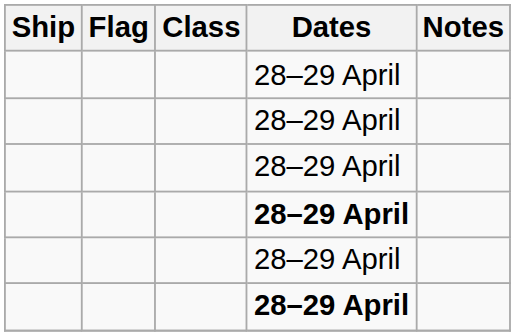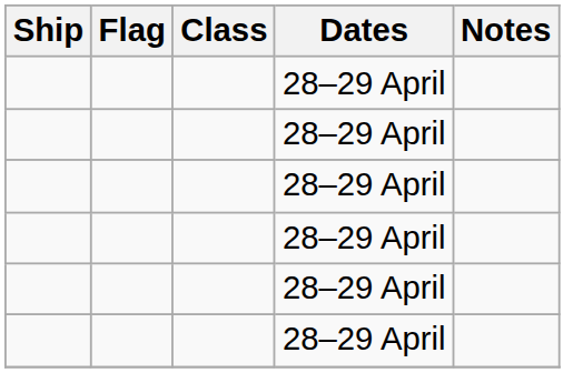 <table class="wikitable sortable">
 <tr>
 <th>Ship</th>
 <th>Flag</th>
 <th>Class</th>
 <th>Dates</th>
 <th>Notes</th>
 </tr>
 <tr>
 <td></td>
 <td></td>
 <td></td>
 <td>28–29 April</td>
 <td></td>
 </tr>
 <tr>
 <td></td>
 <td></td>
 <td></td>
 <td>28–29 April</td>
 <td></td>
 </tr>
 <tr>
 <td></td>
 <td></td>
 <td></td>
 <td>28–29 April</td>
 <td></td>
 </tr>
 <tr>
 <td></td>
 <td></td>
 <td></td>
-<td><strong>28–29 April</strong></td>
+<td>28–29 April</td>
 <td></td>
 </tr>
 <tr>
 <td></td>
 <td></td>
 <td></td>
 <td>28–29 April</td>
 <td></td>
 </tr>
 <tr>
 <td></td>
 <td></td>
 <td></td>
-<td><strong>28–29 April</strong></td>
+<td>28–29 April</td>
 <td></td>
 </tr>
 <tr>
 </tr>
 </table>
